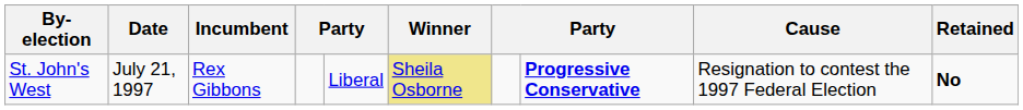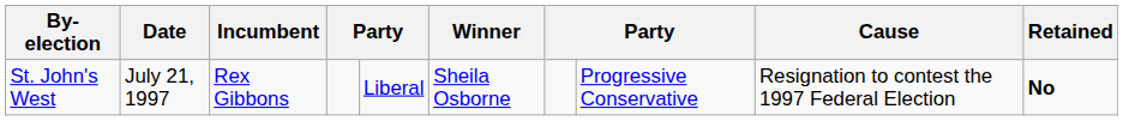 <table class=wikitable style="width:100%">
 <tr>
 <th>By-election</th>
 <th>Date</th>
 <th>Incumbent</th>
 <th colspan=2>Party</th>
 <th>Winner</th>
 <th colspan=2>Party</th>
 <th>Cause</th>
 <th>Retained</th>
 </tr>
 <tr>
 <td><a href='#'>St. John's West</a></td>
 <td>July 21, 1997</td>
 <td><a href='#'>Rex Gibbons</a></td>
 <td>    </td>
 <td><a href='#'>Liberal</a></td>
-<td style="background: khaki;"><a href='#'>Sheila Osborne</a></td>
+<td><a href='#'>Sheila Osborne</a></td>
 <td>    </td>
-<td><strong><a href='#'>Progressive Conservative</a></strong></td>
+<td><a href='#'>Progressive Conservative</a></td>
 <td>Resignation to contest the 1997 Federal Election</td>
 <td><strong>No</strong></td>
 </tr>
 </table>
